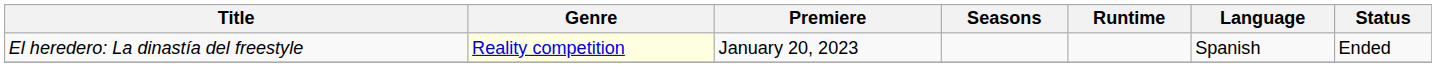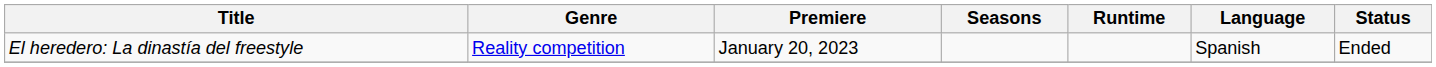 <table class="wikitable sortable" style="width:100%;">
 <tr>
 <th>Title</th>
 <th>Genre</th>
 <th>Premiere</th>
 <th>Seasons</th>
 <th>Runtime</th>
 <th>Language</th>
 <th>Status</th>
 </tr>
 <tr>
 <td><em>El heredero: La dinastía del freestyle</em></td>
-<td style="background: lightyellow;"><a href='#'>Reality competition</a></td>
+<td><a href='#'>Reality competition</a></td>
 <td>January 20, 2023</td>
 <td></td>
 <td></td>
 <td>Spanish</td>
 <td>Ended</td>
 </tr>
 <tr>
 </tr>
 </table>
